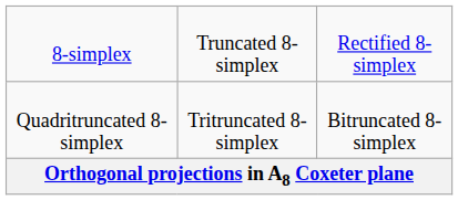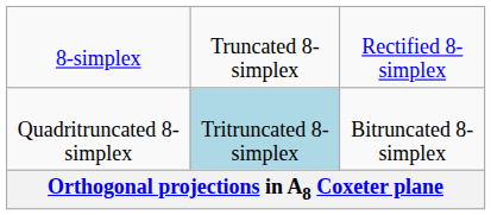 <table class=wikitable align=right width=360 style="margin-left:1em;">
 <tr align=center>
 <td><br><a href='#'>8-simplex</a><br></td>
 <td><br>Truncated 8-simplex<br></td>
 <td><br><a href='#'>Rectified 8-simplex</a><br></td>
 </tr>
 <tr align=center>
 <td><br>Quadritruncated 8-simplex<br></td>
-<td><br>Tritruncated 8-simplex<br></td>
+<td style="background: lightblue;"><br>Tritruncated 8-simplex<br></td>
 <td><br>Bitruncated 8-simplex<br></td>
 </tr>
 <tr>
 <th colspan=3><a href='#'>Orthogonal projections</a> in A<sub>8</sub> <a href='#'>Coxeter plane</a></th>
 </tr>
 </table>
